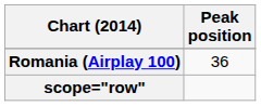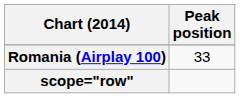 <table class="wikitable sortable plainrowheaders" style="text-align:center">
 <tr>
 <th>Chart (2014)</th>
 <th>Peak<br>position</th>
 </tr>
 <tr>
 </tr>
 <tr>
 <th scope="row">Romania (<a href='#'>Airplay 100</a>)</th>
-<td>36</td>
+<td>33</td>
 </tr>
 <tr>
 <th>scope="row" </th>
 </tr>
 </table>
